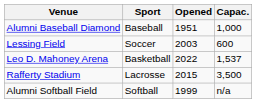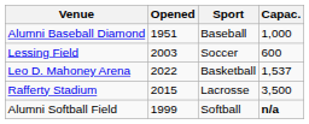 <table class="wikitable sortable"; style= "text-align: ">
 <tr>
 <th width=px>Venue</th>
+<th width=px>Opened</th>
 <th width=px>Sport</th>
-<th width=px>Opened</th>
 <th width=px>Capac.</th>
 </tr>
 <tr>
 <td><a href='#'>Alumni Baseball Diamond</a></td>
+<td>1951</td>
 <td>Baseball</td>
-<td>1951</td>
 <td>1,000</td>
 </tr>
 <tr>
 <td><a href='#'>Lessing Field</a></td>
+<td>2003</td>
 <td>Soccer</td>
-<td>2003</td>
 <td>600</td>
 </tr>
 <tr>
 <td><a href='#'>Leo D. Mahoney Arena</a></td>
+<td>2022</td>
 <td>Basketball</td>
-<td>2022</td>
 <td>1,537 </td>
 </tr>
 <tr>
 <td><a href='#'>Rafferty Stadium</a></td>
+<td>2015</td>
 <td>Lacrosse</td>
-<td>2015</td>
 <td>3,500</td>
 </tr>
 <tr>
 <td>Alumni Softball Field</td>
+<td>1999</td>
 <td>Softball</td>
-<td>1999</td>
-<td>n/a</td>
+<td><strong>n/a</strong></td>
 </tr>
 </table>
